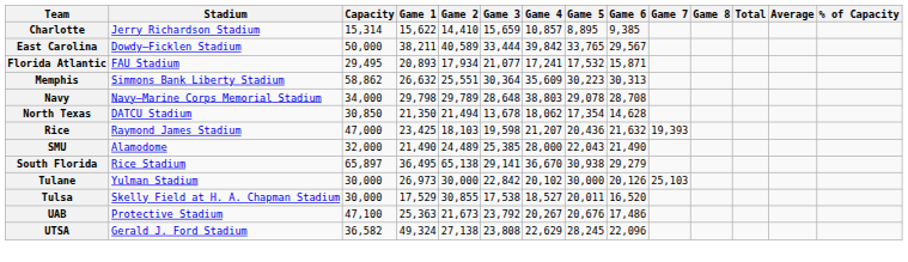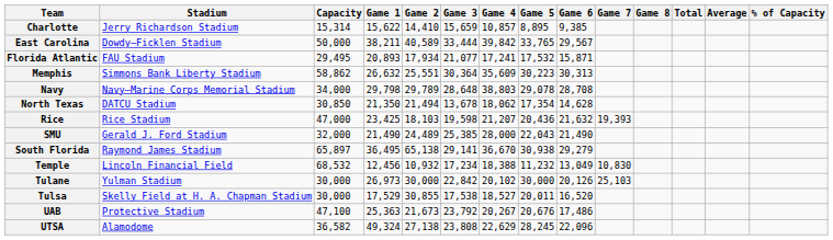 <table class="wikitable sortable">
 <tr>
 <th>Team</th>
 <th>Stadium</th>
 <th>Capacity</th>
 <th>Game 1</th>
 <th>Game 2</th>
 <th>Game 3</th>
 <th>Game 4</th>
 <th>Game 5</th>
 <th>Game 6</th>
 <th>Game 7</th>
 <th>Game 8</th>
 <th>Total</th>
 <th>Average</th>
 <th>% of Capacity</th>
 </tr>
 <tr>
 <th>Charlotte</th>
 <td><a href='#'>Jerry Richardson Stadium</a></td>
 <td>15,314</td>
 <td>15,622</td>
 <td>14,410</td>
 <td>15,659</td>
 <td>10,857</td>
 <td>8,895</td>
 <td>9,385</td>
 <td></td>
 <td></td>
 <td></td>
 <td></td>
 <td></td>
 </tr>
 <tr>
 <th>East Carolina</th>
 <td><a href='#'>Dowdy–Ficklen Stadium</a></td>
 <td>50,000</td>
 <td>38,211</td>
 <td>40,589</td>
 <td>33,444</td>
 <td>39,842</td>
 <td>33,765</td>
 <td>29,567</td>
 <td></td>
 <td></td>
 <td></td>
 <td></td>
 <td></td>
 </tr>
 <tr>
 <th>Florida Atlantic</th>
 <td><a href='#'>FAU Stadium</a></td>
 <td>29,495</td>
 <td>20,893</td>
 <td>17,934</td>
 <td>21,077</td>
 <td>17,241</td>
 <td>17,532</td>
 <td>15,871</td>
 <td></td>
 <td></td>
 <td></td>
 <td></td>
 <td></td>
 </tr>
 <tr>
 <th>Memphis</th>
 <td><a href='#'>Simmons Bank Liberty Stadium</a></td>
 <td>58,862</td>
 <td>26,632</td>
 <td>25,551</td>
 <td>30,364</td>
 <td>35,609</td>
 <td>30,223</td>
 <td>30,313</td>
 <td></td>
 <td></td>
 <td></td>
 <td></td>
 <td></td>
 </tr>
 <tr>
 <th>Navy</th>
 <td><a href='#'>Navy–Marine Corps Memorial Stadium</a></td>
 <td>34,000</td>
 <td>29,798</td>
 <td>29,789</td>
 <td>28,648</td>
 <td>38,803</td>
 <td>29,078</td>
 <td>28,708</td>
 <td></td>
 <td></td>
 <td></td>
 <td></td>
 <td></td>
 </tr>
 <tr>
 <th>North Texas</th>
 <td><a href='#'>DATCU Stadium</a></td>
 <td>30,850</td>
 <td>21,350</td>
 <td>21,494</td>
 <td>13,678</td>
 <td>18,062</td>
 <td>17,354</td>
 <td>14,628</td>
 <td></td>
 <td></td>
 <td></td>
 <td></td>
 <td></td>
 </tr>
 <tr>
 <th>Rice</th>
-<td><a href='#'>Raymond James Stadium</a></td>
+<td><a href='#'>Rice Stadium</a></td>
 <td>47,000</td>
 <td>23,425</td>
 <td>18,103</td>
 <td>19,598</td>
 <td>21,207</td>
 <td>20,436</td>
 <td>21,632</td>
 <td>19,393</td>
 <td></td>
 <td></td>
 <td></td>
 <td></td>
 </tr>
 <tr>
 <th>SMU</th>
-<td><a href='#'>Alamodome</a></td>
+<td><a href='#'>Gerald J. Ford Stadium</a></td>
 <td>32,000</td>
 <td>21,490</td>
 <td>24,489</td>
 <td>25,385</td>
 <td>28,000</td>
 <td>22,043</td>
 <td>21,490</td>
 <td></td>
 <td></td>
 <td></td>
 <td></td>
 <td></td>
 </tr>
 <tr>
 <th>South Florida</th>
-<td><a href='#'>Rice Stadium</a></td>
+<td><a href='#'>Raymond James Stadium</a></td>
 <td>65,897</td>
 <td>36,495</td>
 <td>65,138</td>
 <td>29,141</td>
 <td>36,670</td>
 <td>30,938</td>
 <td>29,279</td>
 <td></td>
+<td></td>
+<td></td>
+<td></td>
+<td></td>
+</tr>
+<tr>
+<th>Temple</th>
+<td><a href='#'>Lincoln Financial Field</a></td>
+<td>68,532</td>
+<td>12,456</td>
+<td>10,932</td>
+<td>17,234</td>
+<td>18,388</td>
+<td>11,232</td>
+<td>13,049</td>
+<td>10,830</td>
 <td></td>
 <td></td>
 <td></td>
 <td></td>
 </tr>
 <tr>
 <th>Tulane</th>
 <td><a href='#'>Yulman Stadium</a></td>
 <td>30,000</td>
 <td>26,973</td>
 <td>30,000</td>
 <td>22,842</td>
 <td>20,102</td>
 <td>30,000</td>
 <td>20,126</td>
 <td>25,103</td>
 <td></td>
 <td></td>
 <td></td>
 <td></td>
 </tr>
 <tr>
 <th>Tulsa</th>
 <td><a href='#'>Skelly Field at H. A. Chapman Stadium</a></td>
 <td>30,000</td>
 <td>17,529</td>
 <td>30,855</td>
 <td>17,538</td>
 <td>18,527</td>
 <td>20,011</td>
 <td>16,520</td>
 <td></td>
 <td></td>
 <td></td>
 <td></td>
 <td></td>
 </tr>
 <tr>
 <th>UAB</th>
 <td><a href='#'>Protective Stadium</a></td>
 <td>47,100</td>
 <td>25,363</td>
 <td>21,673</td>
 <td>23,792</td>
 <td>20,267</td>
 <td>20,676</td>
 <td>17,486</td>
 <td></td>
 <td></td>
 <td></td>
 <td></td>
 <td></td>
 </tr>
 <tr>
 <th>UTSA</th>
-<td><a href='#'>Gerald J. Ford Stadium</a></td>
+<td><a href='#'>Alamodome</a></td>
 <td>36,582</td>
 <td>49,324</td>
 <td>27,138</td>
 <td>23,808</td>
 <td>22,629</td>
 <td>28,245</td>
 <td>22,096</td>
 <td></td>
 <td></td>
 <td></td>
 <td></td>
 <td></td>
 </tr>
 </table>
